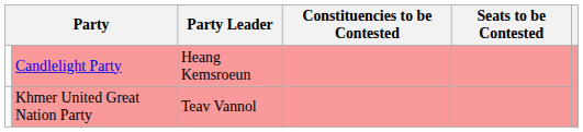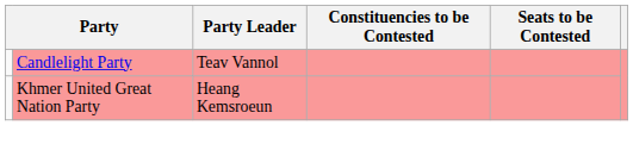 <table class="wikitable sortable" style="text-align:right">
 <tr>
 <th colspan="2">Party</th>
 <th>Party Leader</th>
 <th>Constituencies to be Contested</th>
 <th>Seats to be Contested</th>
 <th></th>
 </tr>
 <tr>
 <td></td>
 <td style="background:#FA9999;" align="left"><a href='#'>Candlelight Party</a></td>
-<td style="background:#FA9999;"align="left">Heang Kemsroeun</td>
+<td style="background:#FA9999;"align="left">Teav Vannol</td>
 <td style="background:#FA9999;"></td>
 <td style="background:#FA9999;"></td>
 <td style="background:#FA9999;" rowspan="2"></td>
 </tr>
 <tr>
 <td></td>
 <td style="background:#FA9999;"align="left">Khmer United Great Nation Party</td>
-<td style="background:#FA9999;"align="left">Teav Vannol</td>
+<td style="background:#FA9999;"align="left">Heang Kemsroeun</td>
 <td style="background:#FA9999;"></td>
 <td style="background:#FA9999;"></td>
 </tr>
 </table>
